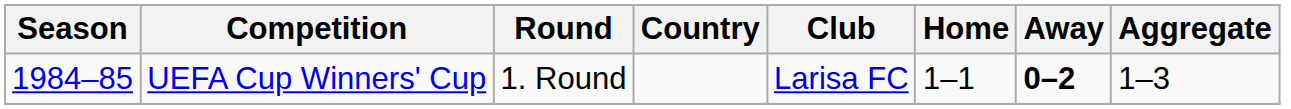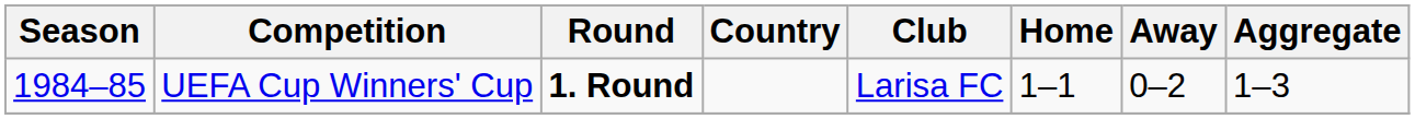 <table class="wikitable">
 <tr>
 <th>Season</th>
 <th>Competition</th>
 <th>Round</th>
 <th>Country</th>
 <th>Club</th>
 <th>Home</th>
 <th>Away</th>
 <th>Aggregate</th>
 </tr>
 <tr>
 <td><a href='#'>1984–85</a></td>
 <td><a href='#'>UEFA Cup Winners' Cup</a></td>
-<td>1. Round</td>
+<td><strong>1. Round</strong></td>
 <td></td>
 <td><a href='#'>Larisa FC</a></td>
 <td>1–1</td>
-<td><strong>0–2</strong></td>
+<td>0–2</td>
 <td>1–3</td>
 </tr>
 <tr>
 </tr>
 </table>
